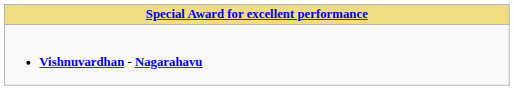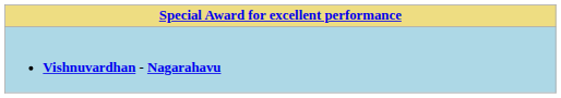 <table class="wikitable" width=50% |>
 <tr>
 <th !  style="background:#eedd82; text-align:center; width:50%;"><a href='#'>Special Award for excellent performance</a></th>
 </tr>
 <tr>
-<td valign="top"><br><ul><li><strong><a href='#'>Vishnuvardhan</a></strong> - <strong><a href='#'>Nagarahavu</a></strong> </li></ul></td>
+<td valign="top" style="background: lightblue;"><br><ul><li><strong><a href='#'>Vishnuvardhan</a></strong> - <strong><a href='#'>Nagarahavu</a></strong> </li></ul></td>
 </tr>
 </table>
